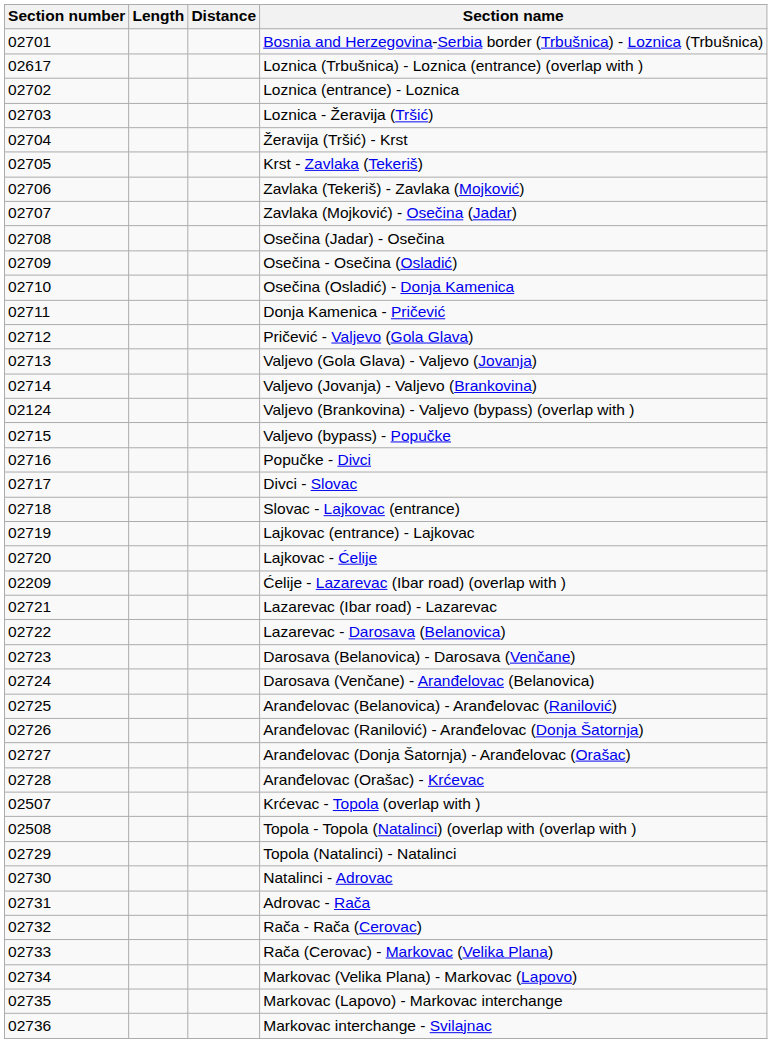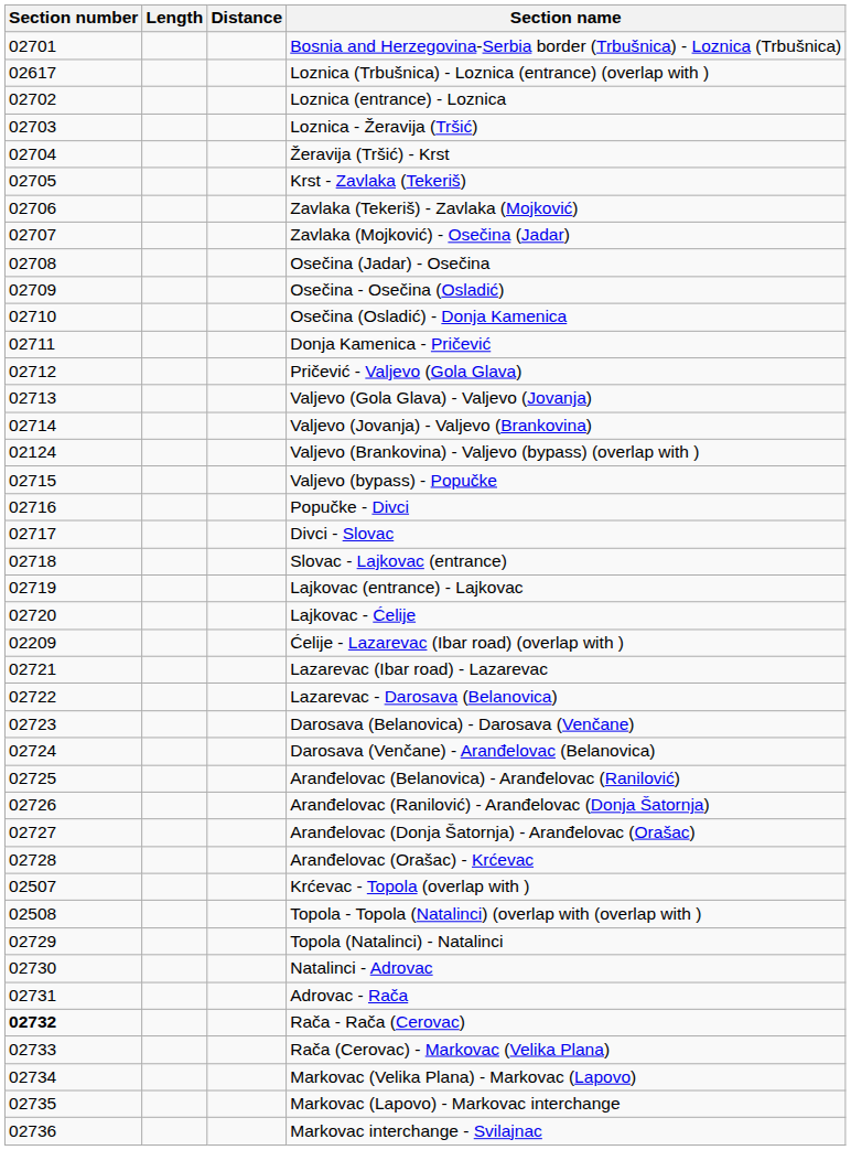 <table class="wikitable">
 <tr>
 <th>Section number</th>
 <th>Length</th>
 <th>Distance</th>
 <th>Section name</th>
 </tr>
 <tr>
 <td>02701</td>
 <td></td>
 <td></td>
 <td><a href='#'>Bosnia and Herzegovina</a>-<a href='#'>Serbia</a> border (<a href='#'>Trbušnica</a>) - <a href='#'>Loznica</a> (Trbušnica)</td>
 </tr>
 <tr>
 <td>02617</td>
 <td></td>
 <td></td>
 <td>Loznica (Trbušnica) - Loznica (entrance) (overlap with )</td>
 </tr>
 <tr>
 <td>02702</td>
 <td></td>
 <td></td>
 <td>Loznica (entrance) - Loznica</td>
 </tr>
 <tr>
 <td>02703</td>
 <td></td>
 <td></td>
 <td>Loznica - Žeravija (<a href='#'>Tršić</a>)</td>
 </tr>
 <tr>
 <td>02704</td>
 <td></td>
 <td></td>
 <td>Žeravija (Tršić) - Krst</td>
 </tr>
 <tr>
 <td>02705</td>
 <td></td>
 <td></td>
 <td>Krst - <a href='#'>Zavlaka</a> (<a href='#'>Tekeriš</a>)</td>
 </tr>
 <tr>
 <td>02706</td>
 <td></td>
 <td></td>
 <td>Zavlaka (Tekeriš) - Zavlaka (<a href='#'>Mojković</a>)</td>
 </tr>
 <tr>
 <td>02707</td>
 <td></td>
 <td></td>
 <td>Zavlaka (Mojković) - <a href='#'>Osečina</a> (<a href='#'>Jadar</a>)</td>
 </tr>
 <tr>
 <td>02708</td>
 <td></td>
 <td></td>
 <td>Osečina (Jadar) - Osečina</td>
 </tr>
 <tr>
 <td>02709</td>
 <td></td>
 <td></td>
 <td>Osečina - Osečina (<a href='#'>Osladić</a>)</td>
 </tr>
 <tr>
 <td>02710</td>
 <td></td>
 <td></td>
 <td>Osečina (Osladić) - <a href='#'>Donja Kamenica</a></td>
 </tr>
 <tr>
 <td>02711</td>
 <td></td>
 <td></td>
 <td>Donja Kamenica - <a href='#'>Pričević</a></td>
 </tr>
 <tr>
 <td>02712</td>
 <td></td>
 <td></td>
 <td>Pričević - <a href='#'>Valjevo</a> (<a href='#'>Gola Glava</a>)</td>
 </tr>
 <tr>
 <td>02713</td>
 <td></td>
 <td></td>
 <td>Valjevo (Gola Glava) - Valjevo (<a href='#'>Jovanja</a>)</td>
 </tr>
 <tr>
 <td>02714</td>
 <td></td>
 <td></td>
 <td>Valjevo (Jovanja) - Valjevo (<a href='#'>Brankovina</a>)</td>
 </tr>
 <tr>
 <td>02124</td>
 <td></td>
 <td></td>
 <td>Valjevo (Brankovina) - Valjevo (bypass) (overlap with )</td>
 </tr>
 <tr>
 <td>02715</td>
 <td></td>
 <td></td>
 <td>Valjevo (bypass) - <a href='#'>Popučke</a></td>
 </tr>
 <tr>
 <td>02716</td>
 <td></td>
 <td></td>
 <td>Popučke - <a href='#'>Divci</a></td>
 </tr>
 <tr>
 <td>02717</td>
 <td></td>
 <td></td>
 <td>Divci - <a href='#'>Slovac</a></td>
 </tr>
 <tr>
 <td>02718</td>
 <td></td>
 <td></td>
 <td>Slovac - <a href='#'>Lajkovac</a> (entrance)</td>
 </tr>
 <tr>
 <td>02719</td>
 <td></td>
 <td></td>
 <td>Lajkovac (entrance) - Lajkovac</td>
 </tr>
 <tr>
 <td>02720</td>
 <td></td>
 <td></td>
 <td>Lajkovac - <a href='#'>Ćelije</a></td>
 </tr>
 <tr>
 <td>02209</td>
 <td></td>
 <td></td>
 <td>Ćelije - <a href='#'>Lazarevac</a> (Ibar road) (overlap with )</td>
 </tr>
 <tr>
 <td>02721</td>
 <td></td>
 <td></td>
 <td>Lazarevac (Ibar road) - Lazarevac</td>
 </tr>
 <tr>
 <td>02722</td>
 <td></td>
 <td></td>
 <td>Lazarevac - <a href='#'>Darosava</a> (<a href='#'>Belanovica</a>)</td>
 </tr>
 <tr>
 <td>02723</td>
 <td></td>
 <td></td>
 <td>Darosava (Belanovica) - Darosava (<a href='#'>Venčane</a>)</td>
 </tr>
 <tr>
 <td>02724</td>
 <td></td>
 <td></td>
 <td>Darosava (Venčane) - <a href='#'>Aranđelovac</a> (Belanovica)</td>
 </tr>
 <tr>
 <td>02725</td>
 <td></td>
 <td></td>
 <td>Aranđelovac (Belanovica) - Aranđelovac (<a href='#'>Ranilović</a>)</td>
 </tr>
 <tr>
 <td>02726</td>
 <td></td>
 <td></td>
 <td>Aranđelovac (Ranilović) - Aranđelovac (<a href='#'>Donja Šatornja</a>)</td>
 </tr>
 <tr>
 <td>02727</td>
 <td></td>
 <td></td>
 <td>Aranđelovac (Donja Šatornja) - Aranđelovac (<a href='#'>Orašac</a>)</td>
 </tr>
 <tr>
 <td>02728</td>
 <td></td>
 <td></td>
 <td>Aranđelovac (Orašac) - <a href='#'>Krćevac</a></td>
 </tr>
 <tr>
 <td>02507</td>
 <td></td>
 <td></td>
 <td>Krćevac - <a href='#'>Topola</a>  (overlap with )</td>
 </tr>
 <tr>
 <td>02508</td>
 <td></td>
 <td></td>
 <td>Topola - Topola (<a href='#'>Natalinci</a>) (overlap with (overlap with )</td>
 </tr>
 <tr>
 <td>02729</td>
 <td></td>
 <td></td>
 <td>Topola (Natalinci) - Natalinci</td>
 </tr>
 <tr>
 <td>02730</td>
 <td></td>
 <td></td>
 <td>Natalinci - <a href='#'>Adrovac</a></td>
 </tr>
 <tr>
 <td>02731</td>
 <td></td>
 <td></td>
 <td>Adrovac - <a href='#'>Rača</a></td>
 </tr>
 <tr>
-<td>02732</td>
+<td><strong>02732</strong></td>
 <td></td>
 <td></td>
 <td>Rača - Rača (<a href='#'>Cerovac</a>)</td>
 </tr>
 <tr>
 <td>02733</td>
 <td></td>
 <td></td>
 <td>Rača (Cerovac) - <a href='#'>Markovac</a> (<a href='#'>Velika Plana</a>)</td>
 </tr>
 <tr>
 <td>02734</td>
 <td></td>
 <td></td>
 <td>Markovac (Velika Plana) - Markovac (<a href='#'>Lapovo</a>)</td>
 </tr>
 <tr>
 <td>02735</td>
 <td></td>
 <td></td>
 <td>Markovac (Lapovo) - Markovac interchange</td>
 </tr>
 <tr>
 <td>02736</td>
 <td></td>
 <td></td>
 <td>Markovac interchange - <a href='#'>Svilajnac</a></td>
 </tr>
 </table>
